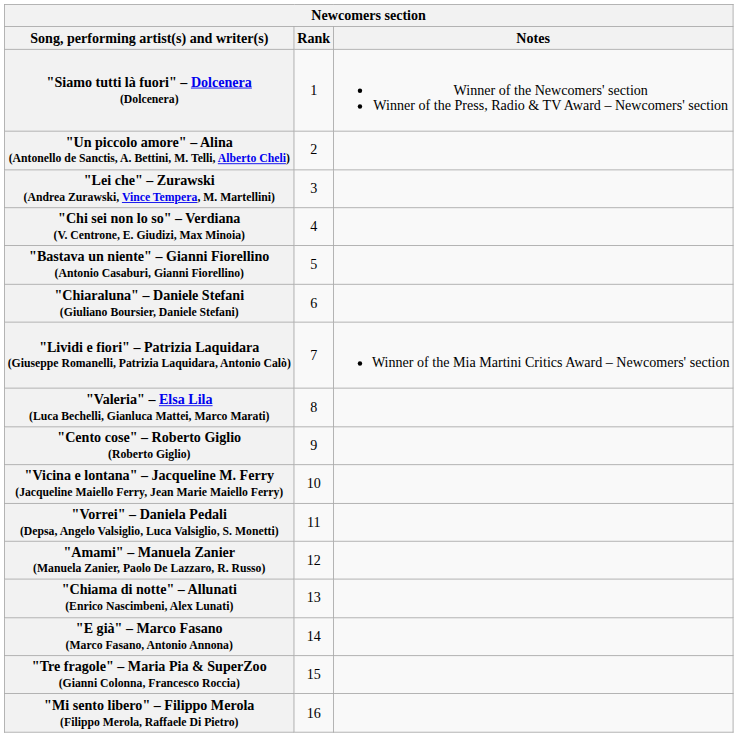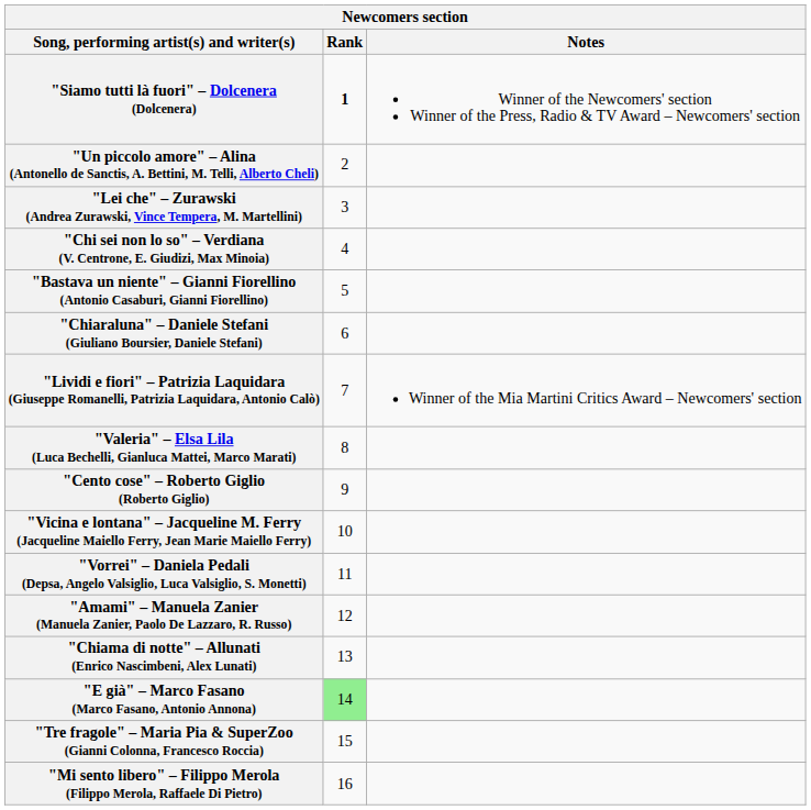 <table class="plainrowheaders wikitable" style="text-align:center;">
 <tr>
 <th colspan="3">Newcomers section </th>
 </tr>
 <tr>
 <th>Song, performing artist(s) and writer(s)</th>
 <th>Rank</th>
 <th>Notes</th>
 </tr>
 <tr>
 <th scope="row">"Siamo tutti là fuori" – <a href='#'>Dolcenera</a><br><small>(Dolcenera)</small></th>
-<td>1</td>
+<td><strong>1</strong></td>
 <td><br><ul><li>Winner of the Newcomers' section</li><li>Winner of the Press, Radio & TV Award – Newcomers' section</li></ul></td>
 </tr>
 <tr />
 <th scope="row">"Un piccolo amore" – Alina<br><small>(Antonello de Sanctis, A. Bettini, M. Telli, <a href='#'>Alberto Cheli</a>)</small></th>
 <td>2</td>
 <td></td>
 </tr>
 <tr>
 <th scope="row">"Lei che" – Zurawski<br><small>(Andrea Zurawski, <a href='#'>Vince Tempera</a>, M. Martellini)</small></th>
 <td>3</td>
 <td></td>
 </tr>
 <tr>
 <th scope="row">"Chi sei non lo so" – Verdiana<br><small>(V. Centrone, E. Giudizi, Max Minoia)</small></th>
 <td>4</td>
 <td></td>
 </tr>
 <tr>
 <th scope="row">"Bastava un niente" – Gianni Fiorellino<br><small>(Antonio Casaburi, Gianni Fiorellino)</small></th>
 <td>5</td>
 <td></td>
 </tr>
 <tr>
 <th scope="row">"Chiaraluna" – Daniele Stefani<br><small>(Giuliano Boursier, Daniele Stefani)</small></th>
 <td>6</td>
 <td></td>
 </tr>
 <tr>
 <th scope="row">"Lividi e fiori" – Patrizia Laquidara<br><small>(Giuseppe Romanelli, Patrizia Laquidara, Antonio Calò)</small></th>
 <td>7</td>
 <td><br><ul><li>Winner of the Mia Martini Critics Award – Newcomers' section</li></ul></td>
 </tr>
 <tr>
 <th scope="row">"Valeria" – <a href='#'>Elsa Lila</a><br><small>(Luca Bechelli, Gianluca Mattei, Marco Marati)</small></th>
 <td>8</td>
 <td></td>
 </tr>
 <tr>
 <th scope="row">"Cento cose" – Roberto Giglio<br><small>(Roberto Giglio)</small></th>
 <td>9</td>
 <td></td>
 </tr>
 <tr>
 <th scope="row">"Vicina e lontana" – Jacqueline M. Ferry<br><small>(Jacqueline Maiello Ferry, Jean Marie Maiello Ferry)</small></th>
 <td>10</td>
 <td></td>
 </tr>
 <tr>
 <th scope="row">"Vorrei" – Daniela Pedali<br><small>(Depsa, Angelo Valsiglio, Luca Valsiglio, S. Monetti)</small></th>
 <td>11</td>
 <td></td>
 </tr>
 <tr>
 <th scope="row">"Amami" – Manuela Zanier<br><small>(Manuela Zanier, Paolo De Lazzaro, R. Russo)</small></th>
 <td>12</td>
 <td></td>
 </tr>
 <tr>
 <th scope="row">"Chiama di notte" – Allunati<br><small>(Enrico Nascimbeni, Alex Lunati)</small></th>
 <td>13</td>
 <td></td>
 </tr>
 <tr>
 <th scope="row">"E già" – Marco Fasano<br><small>(Marco Fasano, Antonio Annona)</small></th>
-<td>14</td>
+<td style="background: lightgreen;">14</td>
 <td></td>
 </tr>
 <tr>
 <th scope="row">"Tre fragole" – Maria Pia & SuperZoo <br><small>(Gianni Colonna, Francesco Roccia)</small></th>
 <td>15</td>
 <td></td>
 </tr>
 <tr>
 <th scope="row">"Mi sento libero" – Filippo Merola<br><small>(Filippo Merola, Raffaele Di Pietro)</small></th>
 <td>16</td>
 <td></td>
 </tr>
 </table>
